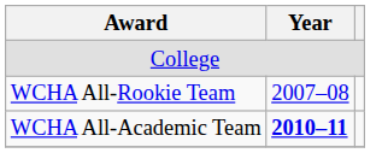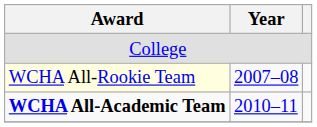 <table class="wikitable">
 <tr>
 <th>Award</th>
 <th>Year</th>
 <th></th>
 </tr>
 <tr ALIGN="center" bgcolor="#e0e0e0">
 <td colspan="3"><a href='#'>College</a></td>
 </tr>
 <tr>
-<td><a href='#'>WCHA</a> All-<a href='#'>Rookie Team</a></td>
+<td style="background: lightyellow;"><a href='#'>WCHA</a> All-<a href='#'>Rookie Team</a></td>
 <td><a href='#'>2007–08</a></td>
 <td></td>
 </tr>
 <tr>
-<td><a href='#'>WCHA</a> All-Academic Team</td>
-<td><strong><a href='#'>2010–11</a></strong></td>
+<td><strong><a href='#'>WCHA</a> All-Academic Team</strong></td>
+<td><a href='#'>2010–11</a></td>
 <td></td>
 </tr>
 <tr>
 </tr>
 </table>
